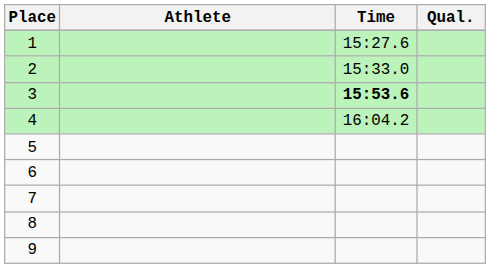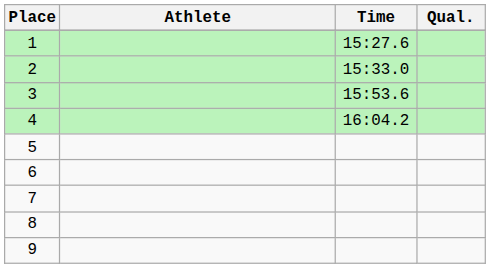 <table class=wikitable style="text-align:center">
 <tr>
 <th width=20>Place</th>
 <th width=220>Athlete</th>
 <th width=60>Time</th>
 <th width=50>Qual.</th>
 </tr>
 <tr>
 </tr>
 <tr bgcolor=bbf3bb>
 <td>1</td>
 <td align=left></td>
 <td>15:27.6</td>
 <td></td>
 </tr>
 <tr bgcolor=bbf3bb>
 <td>2</td>
 <td align=left></td>
 <td>15:33.0</td>
 <td></td>
 </tr>
 <tr bgcolor=bbf3bb>
 <td>3</td>
 <td align=left></td>
-<td><strong>15:53.6</strong></td>
+<td>15:53.6</td>
 <td></td>
 </tr>
 <tr bgcolor=bbf3bb>
 <td>4</td>
 <td align=left></td>
 <td>16:04.2</td>
 <td></td>
 </tr>
 <tr>
 <td>5</td>
 <td align=left></td>
 <td></td>
 <td></td>
 </tr>
 <tr>
 <td>6</td>
 <td align=left></td>
 <td></td>
 <td></td>
 </tr>
 <tr>
 <td>7</td>
 <td align=left></td>
 <td></td>
 <td></td>
 </tr>
 <tr>
 <td>8</td>
 <td align=left></td>
 <td></td>
 <td></td>
 </tr>
 <tr>
 <td>9</td>
 <td align=left></td>
 <td></td>
 <td></td>
 </tr>
 </table>
